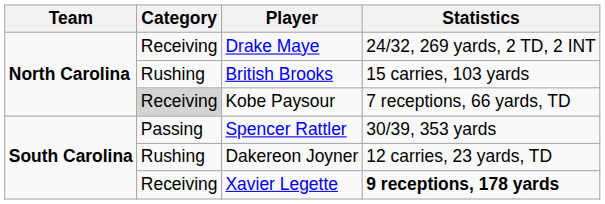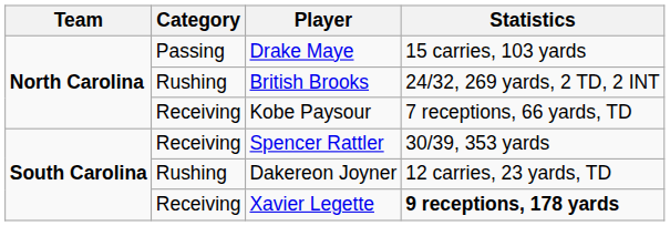 <table class="wikitable" style="float: right;">
 <tr>
 <th>Team</th>
 <th>Category</th>
 <th>Player</th>
 <th>Statistics</th>
 </tr>
 <tr>
 <td rowspan=3><strong>North Carolina</strong></td>
-<td>Receiving</td>
+<td>Passing</td>
 <td><a href='#'>Drake Maye</a></td>
-<td>24/32, 269 yards, 2 TD, 2 INT</td>
+<td>15 carries, 103 yards</td>
 </tr>
 <tr>
 <td>Rushing</td>
 <td><a href='#'>British Brooks</a></td>
-<td>15 carries, 103 yards</td>
+<td>24/32, 269 yards, 2 TD, 2 INT</td>
 </tr>
 <tr>
-<td style="background: lightgrey;">Receiving</td>
+<td>Receiving</td>
 <td>Kobe Paysour</td>
 <td>7 receptions, 66 yards, TD</td>
 </tr>
 <tr>
 <td rowspan=3><strong>South Carolina</strong></td>
-<td>Passing</td>
+<td>Receiving</td>
 <td><a href='#'>Spencer Rattler</a></td>
 <td>30/39, 353 yards</td>
 </tr>
 <tr>
 <td>Rushing</td>
 <td>Dakereon Joyner</td>
 <td>12 carries, 23 yards, TD</td>
 </tr>
 <tr>
 <td>Receiving</td>
 <td><a href='#'>Xavier Legette</a></td>
 <td><strong>9 receptions, 178 yards</strong></td>
 </tr>
 </table>
